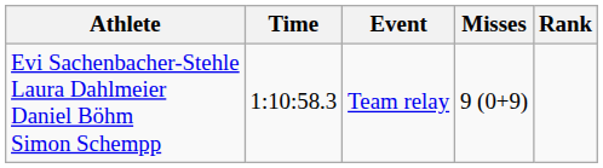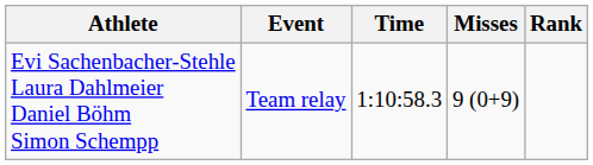 <table class="wikitable" style="font-size:90%">
 <tr>
 <th>Athlete</th>
+<th>Event</th>
 <th>Time</th>
-<th>Event</th>
 <th>Misses</th>
 <th>Rank</th>
 </tr>
 <tr align=center>
 <td align=left><a href='#'>Evi Sachenbacher-Stehle</a><br><a href='#'>Laura Dahlmeier</a><br><a href='#'>Daniel Böhm</a><br><a href='#'>Simon Schempp</a></td>
+<td align=left><a href='#'>Team relay</a></td>
 <td>1:10:58.3</td>
-<td align=left><a href='#'>Team relay</a></td>
 <td>9 (0+9)</td>
 <td></td>
 </tr>
 </table>
